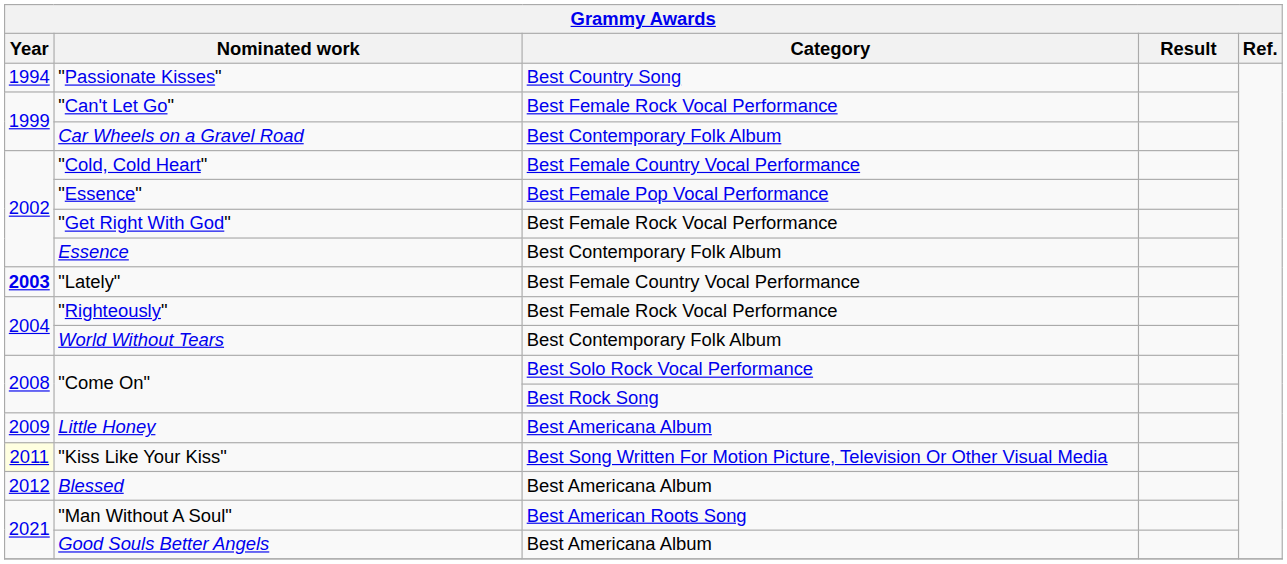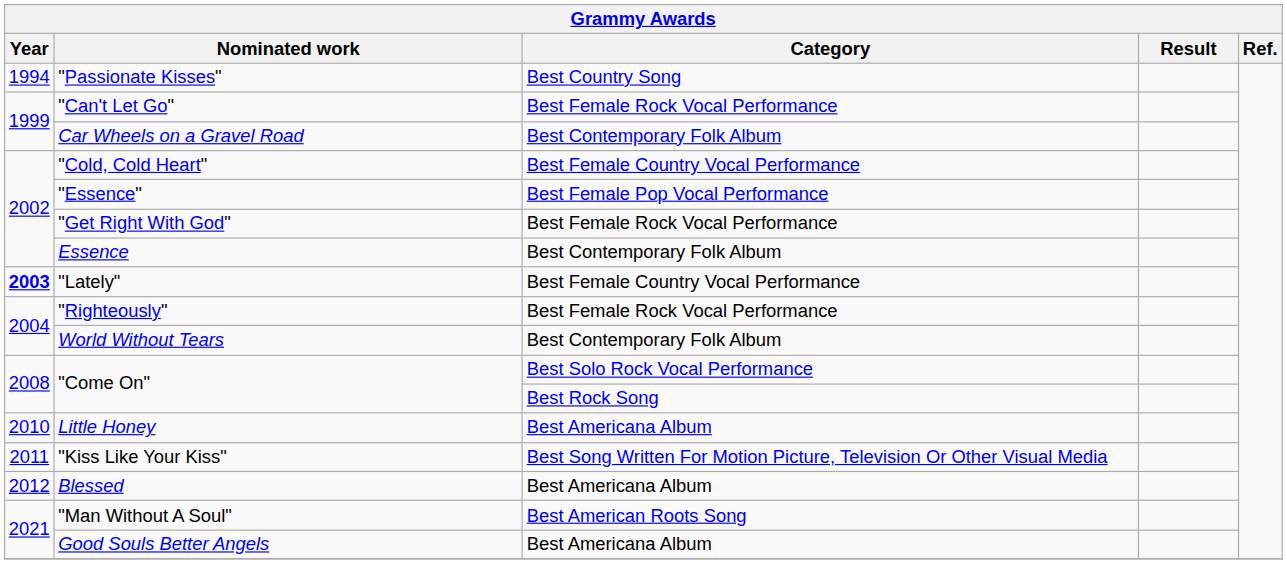 <table class="wikitable">
 <tr>
 <th colspan="5" align="center"><a href='#'>Grammy Awards</a></th>
 </tr>
 <tr>
 <th scope="col" style="width:1em;">Year</th>
 <th scope="col" style="width:25em;">Nominated work</th>
 <th scope="col" style="width:33em;">Category</th>
 <th scope="col" style="width:5em;">Result</th>
 <th scope="col" style="width:1em;">Ref.</th>
 </tr>
 <tr>
 <td align="center"><a href='#'>1994</a></td>
 <td align="left">"<a href='#'>Passionate Kisses</a>" </td>
 <td align="left"><a href='#'>Best Country Song</a></td>
 <td></td>
 <td rowspan="17" align="center"></td>
 </tr>
 <tr>
 <td rowspan="2" align="center"><a href='#'>1999</a></td>
 <td align="left">"<a href='#'>Can't Let Go</a>"</td>
 <td align="left"><a href='#'>Best Female Rock Vocal Performance</a></td>
 <td></td>
 </tr>
 <tr>
 <td align="left"><em><a href='#'>Car Wheels on a Gravel Road</a></em></td>
 <td align="left"><a href='#'>Best Contemporary Folk Album</a></td>
 <td></td>
 </tr>
 <tr>
 <td rowspan="4" align="center"><a href='#'>2002</a></td>
 <td align="left">"<a href='#'>Cold, Cold Heart</a>" </td>
 <td align="left"><a href='#'>Best Female Country Vocal Performance</a></td>
 <td></td>
 </tr>
 <tr>
 <td align="left">"<a href='#'>Essence</a>"</td>
 <td align="left"><a href='#'>Best Female Pop Vocal Performance</a></td>
 <td></td>
 </tr>
 <tr>
 <td align="left">"<a href='#'>Get Right With God</a>"</td>
 <td align="left">Best Female Rock Vocal Performance</td>
 <td></td>
 </tr>
 <tr>
 <td align="left"><em><a href='#'>Essence</a></em></td>
 <td align="left">Best Contemporary Folk Album</td>
 <td></td>
 </tr>
 <tr>
 <td align="center"><strong><a href='#'>2003</a></strong></td>
 <td align="left">"Lately" </td>
 <td align="left">Best Female Country Vocal Performance</td>
 <td></td>
 </tr>
 <tr>
 <td rowspan="2" align="center"><a href='#'>2004</a></td>
 <td align="left">"<a href='#'>Righteously</a>"</td>
 <td align="left">Best Female Rock Vocal Performance</td>
 <td></td>
 </tr>
 <tr>
 <td align="left"><em><a href='#'>World Without Tears</a></em></td>
 <td align="left">Best Contemporary Folk Album</td>
 <td></td>
 </tr>
 <tr>
 <td rowspan="2" align="center"><a href='#'>2008</a></td>
 <td rowspan="2" align="left">"Come On"</td>
 <td align="left"><a href='#'>Best Solo Rock Vocal Performance</a></td>
 <td></td>
 </tr>
 <tr>
 <td align="left"><a href='#'>Best Rock Song</a></td>
 <td></td>
 </tr>
 <tr>
-<td align="center"><a href='#'>2009</a></td>
+<td align="center"><a href='#'>2010</a></td>
 <td align="left"><em><a href='#'>Little Honey</a></em></td>
 <td align="left"><a href='#'>Best Americana Album</a></td>
 <td></td>
 </tr>
 <tr>
-<td align="center" style="background: lightyellow;"><a href='#'>2011</a></td>
+<td align="center"><a href='#'>2011</a></td>
 <td align="left">"Kiss Like Your Kiss" </td>
 <td align="left"><a href='#'>Best Song Written For Motion Picture, Television Or Other Visual Media</a></td>
 <td></td>
 </tr>
 <tr>
 <td align="center"><a href='#'>2012</a></td>
 <td align="left"><em><a href='#'>Blessed</a></em></td>
 <td align="left">Best Americana Album</td>
 <td></td>
 </tr>
 <tr>
 <td rowspan="2" align="center"><a href='#'>2021</a></td>
 <td align="left">"Man Without A Soul"</td>
 <td align="left"><a href='#'>Best American Roots Song</a></td>
 <td></td>
 </tr>
 <tr>
 <td align="left"><em><a href='#'>Good Souls Better Angels</a></em></td>
 <td align="left">Best Americana Album</td>
 <td></td>
 </tr>
 <tr>
 </tr>
 </table>
